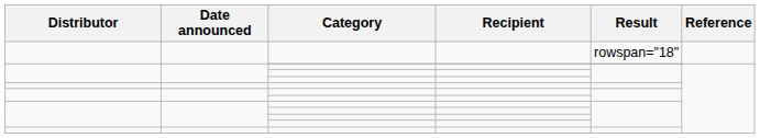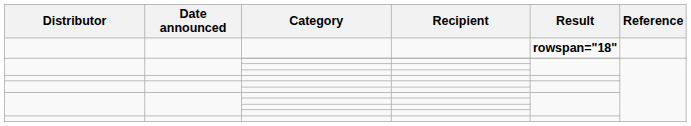 <table class="wikitable" style="width:99%;"  >
 <tr>
 <th width="23%" scope="col">Distributor</th>
 <th width="15%" scope="col">Date announced</th>
 <th width="25%" scope="col">Category</th>
 <th width="23%" scope="col">Recipient</th>
 <th width="8%" scope="col">Result</th>
 <th width="2%" scope="col">Reference</th>
 </tr>
 <tr>
 <td rowspan="1"></td>
 <td rowspan="1"></td>
 <td></td>
 <td></td>
-<td>rowspan="18" </td>
+<td><strong>rowspan="18" </strong></td>
 <td align="center" rowspan="1"></td>
 </tr>
 <tr>
 <td rowspan="4"></td>
 <td rowspan="4"></td>
 </tr>
 <tr>
 <td></td>
 <td></td>
 <td align="center" rowspan="3"></td>
 </tr>
 <tr>
 <td></td>
 <td></td>
 </tr>
 <tr>
 <td></td>
 <td></td>
 </tr>
 <tr>
 <td rowspan="1"></td>
 <td rowspan="1"></td>
 <td></td>
 <td></td>
 <td align="center" rowspan="1"></td>
 </tr>
 <tr>
 <td rowspan="2"></td>
 <td rowspan="2"></td>
 <td></td>
 <td></td>
 <td align="center" rowspan="2"></td>
 </tr>
 <tr>
 <td></td>
 <td></td>
 </tr>
 <tr>
 <td rowspan="4"></td>
 <td rowspan="4"></td>
 <td></td>
 <td></td>
 <td align="center" rowspan="4"></td>
 </tr>
 <tr>
 <td></td>
 <td></td>
 </tr>
 <tr>
 <td></td>
 <td></td>
 </tr>
 <tr>
 <td></td>
 <td></td>
 </tr>
 <tr>
 <td rowspan="4"></td>
 <td rowspan="4"></td>
 <td></td>
 <td></td>
 <td align="center" rowspan="1"></td>
 </tr>
 </table>
